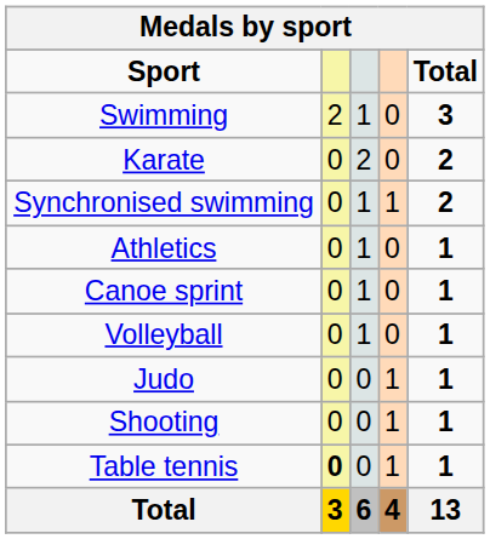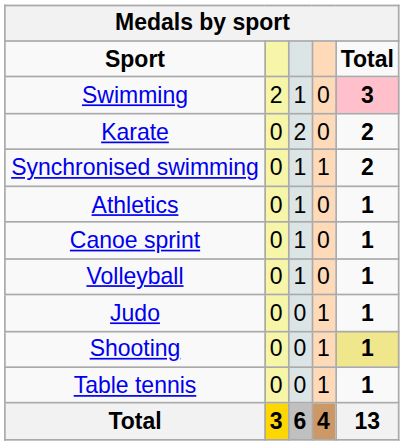 <table class=wikitable style="font-size:85%; float:right; clear:right; margin-left:1em;">
 <tr bgcolor=efefef>
 <th colspan=5>Medals by sport</th>
 </tr>
 <tr align=center>
 <td><strong>Sport</strong></td>
 <td bgcolor=#f7f6a8></td>
 <td bgcolor=#dce5e5></td>
 <td bgcolor=#ffdab9></td>
 <td><strong>Total</strong></td>
 </tr>
 <tr align=center>
 <td><a href='#'>Swimming</a></td>
 <td bgcolor=F7F6A8>2</td>
 <td bgcolor=DCE5E5>1</td>
 <td bgcolor=FFDAB9>0</td>
-<td><strong>3</strong></td>
+<td style="background: pink;"><strong>3</strong></td>
 </tr>
 <tr align=center>
 <td><a href='#'>Karate</a></td>
 <td bgcolor=F7F6A8>0</td>
 <td bgcolor=DCE5E5>2</td>
 <td bgcolor=FFDAB9>0</td>
 <td><strong>2</strong></td>
 </tr>
 <tr align=center>
 <td><a href='#'>Synchronised swimming</a></td>
 <td bgcolor=F7F6A8>0</td>
 <td bgcolor=DCE5E5>1</td>
 <td bgcolor=FFDAB9>1</td>
 <td><strong>2</strong></td>
 </tr>
 <tr align=center>
 <td><a href='#'>Athletics</a></td>
 <td bgcolor=F7F6A8>0</td>
 <td bgcolor=DCE5E5>1</td>
 <td bgcolor=FFDAB9>0</td>
 <td><strong>1</strong></td>
 </tr>
 <tr align=center>
 <td><a href='#'>Canoe sprint</a></td>
 <td bgcolor=F7F6A8>0</td>
 <td bgcolor=DCE5E5>1</td>
 <td bgcolor=FFDAB9>0</td>
 <td><strong>1</strong></td>
 </tr>
 <tr align=center>
 <td><a href='#'>Volleyball</a></td>
 <td bgcolor=F7F6A8>0</td>
 <td bgcolor=DCE5E5>1</td>
 <td bgcolor=FFDAB9>0</td>
 <td><strong>1</strong></td>
 </tr>
 <tr align=center>
 <td><a href='#'>Judo</a></td>
 <td bgcolor=F7F6A8>0</td>
 <td bgcolor=DCE5E5>0</td>
 <td bgcolor=FFDAB9>1</td>
 <td><strong>1</strong></td>
 </tr>
 <tr align=center>
 <td><a href='#'>Shooting</a></td>
 <td bgcolor=F7F6A8>0</td>
 <td bgcolor=DCE5E5>0</td>
 <td bgcolor=FFDAB9>1</td>
-<td><strong>1</strong></td>
+<td style="background: khaki;"><strong>1</strong></td>
 </tr>
 <tr align=center>
 <td><a href='#'>Table tennis</a></td>
-<td bgcolor=F7F6A8><strong>0</strong></td>
+<td bgcolor=F7F6A8>0</td>
 <td bgcolor=DCE5E5>0</td>
 <td bgcolor=FFDAB9>1</td>
 <td><strong>1</strong></td>
 </tr>
 <tr align=center>
 <th>Total</th>
 <th style="background:gold">3</th>
 <th style="background:silver">6</th>
 <th style="background:#c96">4</th>
 <th>13</th>
 </tr>
 </table>
